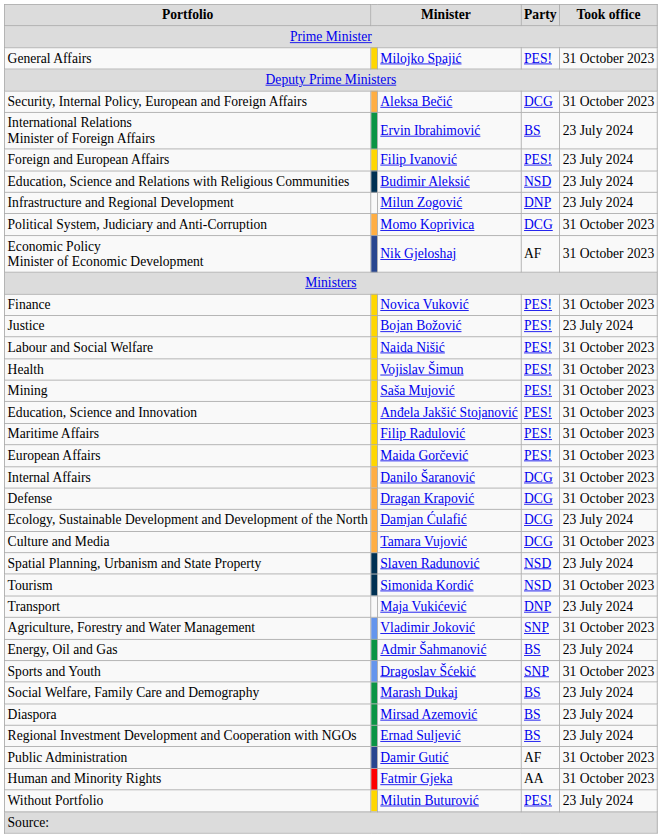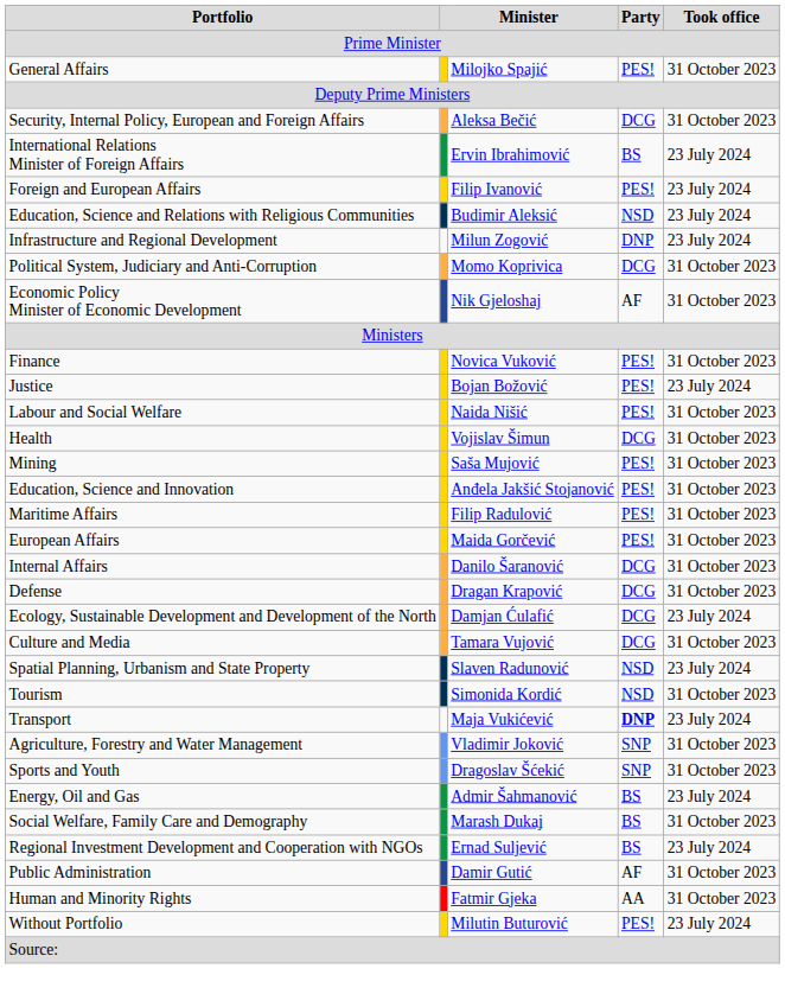 <table class="wikitable">
 <tr>
 <th colspan="1" style="background-color:#DCDCDC;">Portfolio</th>
 <th colspan="2" style="background-color:#DCDCDC;">Minister</th>
 <th colspan="1" style="background-color:#DCDCDC;">Party</th>
 <th colspan="1" style="background-color:#DCDCDC;">Took office</th>
 </tr>
 <tr>
 <td colspan="5" style="text-align: center;background-color:#DCDCDC;"><a href='#'>Prime Minister</a></td>
 </tr>
 <tr>
 <td>General Affairs</td>
 <td style="background-color:#FFD700;"></td>
 <td><a href='#'>Milojko Spajić</a></td>
 <td><a href='#'>PES!</a></td>
 <td>31 October 2023</td>
 </tr>
 <tr>
 <td colspan="5" style="text-align: center;background-color:#DCDCDC;"><a href='#'>Deputy Prime Ministers</a></td>
 </tr>
 <tr>
 <td>Security, Internal Policy, European and Foreign Affairs</td>
 <td style="background-color:#ffae42;"></td>
 <td><a href='#'>Aleksa Bečić</a></td>
 <td><a href='#'>DCG</a></td>
 <td>31 October 2023</td>
 </tr>
 <tr>
 <td>International Relations <br>Minister of Foreign Affairs</td>
 <td style="background-color:#0B9444;"></td>
 <td><a href='#'>Ervin Ibrahimović</a></td>
 <td><a href='#'>BS</a></td>
 <td>23 July 2024</td>
 </tr>
 <tr>
 <td>Foreign and European Affairs</td>
 <td style="background-color:#FFD700;"></td>
 <td><a href='#'>Filip Ivanović</a></td>
 <td><a href='#'>PES!</a></td>
 <td>23 July 2024</td>
 </tr>
 <tr>
 <td>Education, Science and Relations with Religious Communities</td>
 <td style="background-color:#003153;"></td>
 <td><a href='#'>Budimir Aleksić</a></td>
 <td><a href='#'>NSD</a></td>
 <td>23 July 2024</td>
 </tr>
 <tr>
 <td>Infrastructure and Regional Development</td>
 <td style="background-color:"></td>
 <td><a href='#'>Milun Zogović</a></td>
 <td><a href='#'>DNP</a></td>
 <td>23 July 2024</td>
 </tr>
 <tr>
 <td>Political System, Judiciary and Anti-Corruption</td>
 <td style="background-color:#ffae42;"></td>
 <td><a href='#'>Momo Koprivica</a></td>
 <td><a href='#'>DCG</a></td>
 <td>31 October 2023</td>
 </tr>
 <tr>
 <td>Economic Policy <br>Minister of Economic Development</td>
 <td style="background-color:#28468F;"></td>
 <td><a href='#'>Nik Gjeloshaj</a></td>
 <td Albanian Forum>AF</td>
 <td>31 October 2023</td>
 </tr>
 <tr>
 <td colspan="5" style="text-align: center;background-color:#DCDCDC;"><a href='#'>Ministers</a></td>
 </tr>
 <tr>
 <td>Finance</td>
 <td style="background-color:#FFD700;"></td>
 <td><a href='#'>Novica Vuković</a></td>
 <td><a href='#'>PES!</a></td>
 <td>31 October 2023</td>
 </tr>
 <tr>
 <td>Justice</td>
 <td style="background-color:#FFD700;"></td>
 <td><a href='#'>Bojan Božović</a></td>
 <td><a href='#'>PES!</a></td>
 <td>23 July 2024</td>
 </tr>
 <tr>
 <td>Labour and Social Welfare</td>
 <td style="background-color:#FFD700;"></td>
 <td><a href='#'>Naida Nišić</a></td>
 <td><a href='#'>PES!</a></td>
 <td>31 October 2023</td>
 </tr>
 <tr>
 <td>Health</td>
 <td style="background-color:#FFD700;"></td>
 <td><a href='#'>Vojislav Šimun</a></td>
-<td><a href='#'>PES!</a></td>
+<td><a href='#'>DCG</a></td>
 <td>31 October 2023</td>
 </tr>
 <tr>
 <td>Mining</td>
 <td style="background-color:#FFD700;"></td>
 <td><a href='#'>Saša Mujović</a></td>
 <td><a href='#'>PES!</a></td>
 <td>31 October 2023</td>
 </tr>
 <tr>
 <td>Education, Science and Innovation</td>
 <td style="background-color:#FFD700;"></td>
 <td><a href='#'>Anđela Jakšić Stojanović</a></td>
 <td><a href='#'>PES!</a></td>
 <td>31 October 2023</td>
 </tr>
 <tr>
 <td>Maritime Affairs</td>
 <td style="background-color:#FFD700;"></td>
 <td><a href='#'>Filip Radulović</a></td>
 <td><a href='#'>PES!</a></td>
 <td>31 October 2023</td>
 </tr>
 <tr>
 <td>European Affairs</td>
 <td style="background-color:#FFD700;"></td>
 <td><a href='#'>Maida Gorčević</a></td>
 <td><a href='#'>PES!</a></td>
 <td>31 October 2023</td>
 </tr>
 <tr>
 <td>Internal Affairs</td>
 <td style="background-color:#ffae42;"></td>
 <td><a href='#'>Danilo Šaranović</a></td>
 <td><a href='#'>DCG</a></td>
 <td>31 October 2023</td>
 </tr>
 <tr>
 <td>Defense</td>
 <td style="background-color:#ffae42;"></td>
 <td><a href='#'>Dragan Krapović</a></td>
 <td><a href='#'>DCG</a></td>
 <td>31 October 2023</td>
 </tr>
 <tr>
 <td>Ecology, Sustainable Development and Development of the North</td>
 <td style="background-color:#ffae42;"></td>
 <td><a href='#'>Damjan Ćulafić</a></td>
 <td><a href='#'>DCG</a></td>
 <td>23 July 2024</td>
 </tr>
 <tr>
 <td>Culture and Media</td>
 <td style="background-color:#ffae42;"></td>
 <td><a href='#'>Tamara Vujović</a></td>
 <td><a href='#'>DCG</a></td>
 <td>31 October 2023</td>
 </tr>
 <tr>
 <td>Spatial Planning, Urbanism and State Property</td>
 <td style="background-color:#003153;"></td>
 <td><a href='#'>Slaven Radunović</a></td>
 <td><a href='#'>NSD</a></td>
 <td>23 July 2024</td>
 </tr>
 <tr>
 <td>Tourism</td>
 <td style="background-color:#003153;"></td>
 <td><a href='#'>Simonida Kordić</a></td>
 <td><a href='#'>NSD</a></td>
 <td>31 October 2023</td>
 </tr>
 <tr>
 <td>Transport</td>
 <td style="background-color:"></td>
 <td><a href='#'>Maja Vukićević</a></td>
-<td><a href='#'>DNP</a></td>
+<td><strong><a href='#'>DNP</a></strong></td>
 <td>23 July 2024</td>
 </tr>
 <tr>
 <td>Agriculture, Forestry and Water Management</td>
 <td style="background-color:#6495ed;"></td>
 <td><a href='#'>Vladimir Joković</a></td>
+<td><a href='#'>SNP</a></td>
+<td>31 October 2023</td>
+</tr>
+<tr>
+<td>Sports and Youth</td>
+<td style="background-color:#6495ed;"></td>
+<td><a href='#'>Dragoslav Šćekić</a></td>
 <td><a href='#'>SNP</a></td>
 <td>31 October 2023</td>
 </tr>
 <tr>
 <td>Energy, Oil and Gas</td>
 <td style="background-color:#0B9444;"></td>
 <td><a href='#'>Admir Šahmanović</a></td>
 <td><a href='#'>BS</a></td>
 <td>23 July 2024</td>
 </tr>
 <tr>
-<td>Sports and Youth</td>
-<td style="background-color:#6495ed;"></td>
-<td><a href='#'>Dragoslav Šćekić</a></td>
-<td><a href='#'>SNP</a></td>
-<td>31 October 2023</td>
-</tr>
-<tr>
 <td>Social Welfare, Family Care and Demography</td>
 <td style="background-color:#0B9444;"></td>
 <td><a href='#'>Marash Dukaj</a></td>
 <td><a href='#'>BS</a></td>
-<td>23 July 2024</td>
-</tr>
-<tr>
-<td>Diaspora</td>
-<td style="background-color:#0B9444;"></td>
-<td><a href='#'>Mirsad Azemović</a></td>
-<td><a href='#'>BS</a></td>
-<td>23 July 2024</td>
+<td>31 October 2023</td>
 </tr>
 <tr>
 <td>Regional Investment Development and Cooperation with NGOs</td>
 <td style="background-color:#0B9444;"></td>
 <td><a href='#'>Ernad Suljević</a></td>
 <td><a href='#'>BS</a></td>
 <td>23 July 2024</td>
 </tr>
 <tr>
 <td>Public Administration</td>
 <td style="background-color:#28468F;"></td>
 <td><a href='#'>Damir Gutić</a></td>
 <td Albanian Forum>AF</td>
 <td>31 October 2023</td>
 </tr>
 <tr>
 <td>Human and Minority Rights</td>
 <td style="background-color:#FE0000;"></td>
 <td><a href='#'>Fatmir Gjeka</a></td>
 <td Albanian Alliance (Montenegro)>AA</td>
 <td>31 October 2023</td>
 </tr>
 <tr>
 <td>Without Portfolio</td>
 <td style="background-color:#FFD700;"></td>
 <td><a href='#'>Milutin Buturović</a></td>
 <td><a href='#'>PES!</a></td>
 <td>23 July 2024</td>
 </tr>
 <tr>
 <td colspan="5" style="text-align: left;background-color:#DCDCDC;">Source:</td>
 </tr>
 </table>
